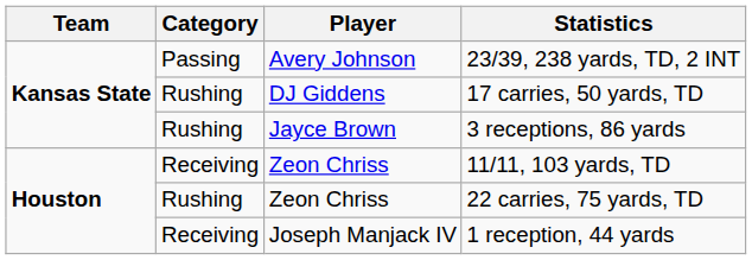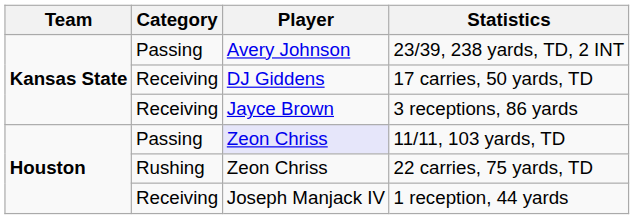 <table class="wikitable" style="float: right;">
 <tr>
 <th>Team</th>
 <th>Category</th>
 <th>Player</th>
 <th>Statistics</th>
 </tr>
 <tr>
 <td rowspan=3><strong>Kansas State</strong></td>
 <td>Passing</td>
 <td><a href='#'>Avery Johnson</a></td>
 <td>23/39, 238 yards, TD, 2 INT</td>
 </tr>
 <tr>
-<td>Rushing</td>
+<td>Receiving</td>
 <td><a href='#'>DJ Giddens</a></td>
 <td>17 carries, 50 yards, TD</td>
 </tr>
 <tr>
-<td>Rushing</td>
+<td>Receiving</td>
 <td><a href='#'>Jayce Brown</a></td>
 <td>3 receptions, 86 yards</td>
 </tr>
 <tr>
 <td rowspan=3><strong>Houston</strong></td>
-<td>Receiving</td>
-<td><a href='#'>Zeon Chriss</a></td>
+<td>Passing</td>
+<td style="background: lavender;"><a href='#'>Zeon Chriss</a></td>
 <td>11/11, 103 yards, TD</td>
 </tr>
 <tr>
 <td>Rushing</td>
 <td>Zeon Chriss</td>
 <td>22 carries, 75 yards, TD</td>
 </tr>
 <tr>
 <td>Receiving</td>
 <td>Joseph Manjack IV</td>
 <td>1 reception, 44 yards</td>
 </tr>
 </table>
